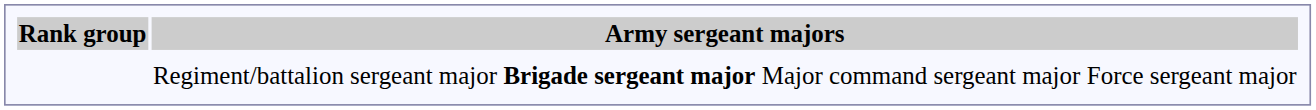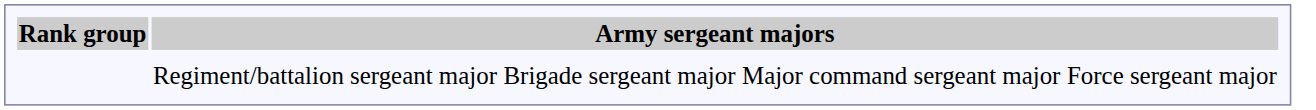 <table style="border:1px solid #8888aa; background-color:#f7f8ff; padding:5px; font-size:95%; margin: 0px 12px 12px 0px;">
 <tr style="background-color:#CCCCCC; text-align:center;">
 <th>Rank group</th>
 <th colspan=4>Army sergeant majors</th>
 </tr>
 <tr style="text-align:center;">
 <td Rowspan=2></td>
 <td></td>
 <td></td>
 <td></td>
 <td></td>
 </tr>
 <tr style="text-align:center;">
 <td>Regiment/battalion sergeant major</td>
-<td><strong>Brigade sergeant major</strong></td>
+<td>Brigade sergeant major</td>
 <td>Major command sergeant major</td>
 <td>Force sergeant major</td>
 </tr>
 </table>
